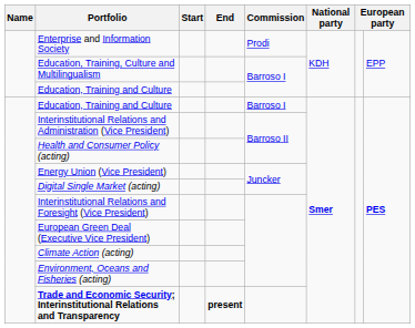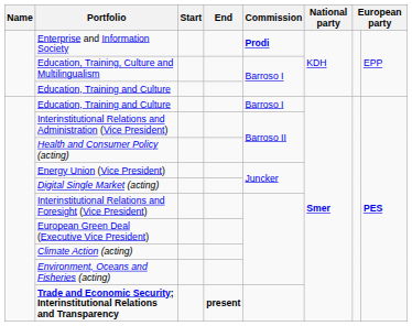 <table class="wikitable sortable" style="font-size: 90%;">
 <tr>
 <th>Name</th>
 <th>Portfolio</th>
 <th>Start</th>
 <th>End</th>
 <th>Commission</th>
 <th>National party</th>
 <th colspan=2>European party</th>
 </tr>
 <tr>
 <td rowspan=3></td>
 <td><a href='#'>Enterprise</a> and <a href='#'>Information Society</a></td>
 <td></td>
 <td></td>
-<td><a href='#'>Prodi</a></td>
+<td><strong><a href='#'>Prodi</a></strong></td>
 <td rowspan=3><a href='#'>KDH</a></td>
 <td rowspan=3 style="background:"></td>
 <td rowspan=3><a href='#'>EPP</a></td>
 </tr>
 <tr>
 <td><a href='#'>Education, Training, Culture and Multilingualism</a></td>
 <td></td>
 <td></td>
 <td rowspan=2><a href='#'>Barroso I</a></td>
 </tr>
 <tr>
 <td><a href='#'>Education, Training and Culture</a></td>
 <td></td>
 <td></td>
 </tr>
 <tr>
 <td rowspan=10><strong></strong></td>
 <td><a href='#'>Education, Training and Culture</a></td>
 <td></td>
 <td></td>
 <td><a href='#'>Barroso I</a></td>
 <td rowspan=10><strong><a href='#'>Smer</a></strong></td>
 <td rowspan=10 style="background:"></td>
 <td rowspan=10><strong><a href='#'>PES</a></strong></td>
 </tr>
 <tr>
 <td><a href='#'>Interinstitutional Relations and Administration</a> (<a href='#'>Vice President</a>)</td>
 <td></td>
 <td></td>
 <td rowspan=2><a href='#'>Barroso II</a></td>
 </tr>
 <tr>
 <td><em><a href='#'>Health and Consumer Policy</a> (acting)</em></td>
 <td><em></em></td>
 <td><em></em></td>
 </tr>
 <tr>
 <td><a href='#'>Energy Union</a> (<a href='#'>Vice President</a>)</td>
 <td></td>
 <td></td>
 <td rowspan=2><a href='#'>Juncker</a></td>
 </tr>
 <tr>
 <td><em><a href='#'>Digital Single Market</a> (acting)</em></td>
 <td><em></em></td>
 <td><em></em></td>
 </tr>
 <tr>
 <td><a href='#'>Interinstitutional Relations and Foresight</a> (<a href='#'>Vice President</a>)</td>
 <td></td>
 <td></td>
 <td rowspan=4></td>
 </tr>
 <tr>
 <td><a href='#'>European Green Deal</a> (<a href='#'>Executive Vice President</a>)</td>
 <td></td>
 <td></td>
 </tr>
 <tr>
 <td><em><a href='#'>Climate Action</a> (acting)</em></td>
 <td><em></em></td>
 <td><em></em></td>
 </tr>
 <tr>
 <td><em><a href='#'>Environment, Oceans and Fisheries</a> (acting)</em></td>
 <td><em></em></td>
 <td><em></em></td>
 </tr>
 <tr>
 <td><strong><a href='#'>Trade and Economic Security</a>; Interinstitutional Relations and Transparency</strong></td>
 <td><strong></strong></td>
 <td><strong>present</strong></td>
 <td><strong></strong></td>
 </tr>
 </table>
